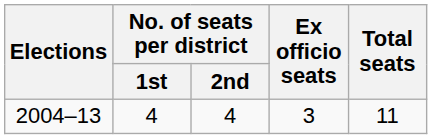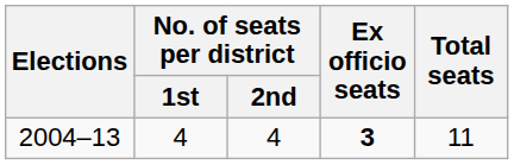 <table class=wikitable style="text-align:center">
 <tr>
 <th rowspan=2>Elections</th>
 <th colspan=2>No. of seats per district</th>
 <th width=50px rowspan=2>Ex officio seats</th>
 <th width=50px rowspan=2>Total seats</th>
 </tr>
 <tr>
 <th width=50px>1st</th>
 <th width=50px>2nd</th>
 </tr>
 <tr>
 <td>2004–13</td>
 <td>4</td>
 <td>4</td>
-<td>3</td>
+<td><strong>3</strong></td>
 <td>11</td>
 </tr>
 </table>
